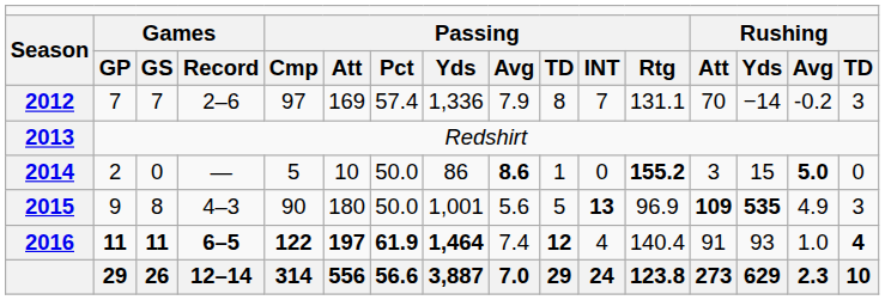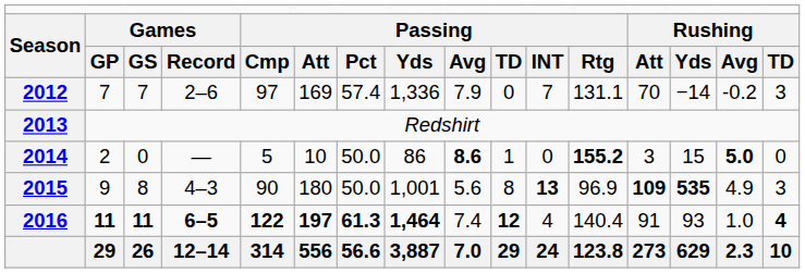 <table class=wikitable style="text-align:center;">
 <tr>
 <td ! colspan="16"></td>
 </tr>
 <tr>
 <th rowspan="2">Season</th>
 <th colspan="3">Games</th>
 <th colspan="8">Passing</th>
 <th colspan="4">Rushing</th>
 </tr>
 <tr>
 <th>GP</th>
 <th>GS</th>
 <th>Record</th>
 <th>Cmp</th>
 <th>Att</th>
 <th>Pct</th>
 <th>Yds</th>
 <th>Avg</th>
 <th>TD</th>
 <th>INT</th>
 <th>Rtg</th>
 <th>Att</th>
 <th>Yds</th>
 <th>Avg</th>
 <th>TD</th>
 </tr>
 <tr>
 <th><a href='#'>2012</a></th>
 <td>7</td>
 <td>7</td>
 <td>2–6</td>
 <td>97</td>
 <td>169</td>
 <td>57.4</td>
 <td>1,336</td>
 <td>7.9</td>
-<td>8</td>
+<td>0</td>
 <td>7</td>
 <td>131.1</td>
 <td>70</td>
 <td>−14</td>
 <td>-0.2</td>
 <td>3</td>
 </tr>
 <tr>
 <th><a href='#'>2013</a></th>
 <td colspan="15"><em>Redshirt </em></td>
 </tr>
 <tr>
 <th><a href='#'>2014</a></th>
 <td>2</td>
 <td>0</td>
 <td>—</td>
 <td>5</td>
 <td>10</td>
 <td>50.0</td>
 <td>86</td>
 <td><strong>8.6</strong></td>
 <td>1</td>
 <td>0</td>
 <td><strong>155.2</strong></td>
 <td>3</td>
 <td>15</td>
 <td><strong>5.0</strong></td>
 <td>0</td>
 </tr>
 <tr>
 <th><a href='#'>2015</a></th>
 <td>9</td>
 <td>8</td>
 <td>4–3</td>
 <td>90</td>
 <td>180</td>
 <td>50.0</td>
 <td>1,001</td>
 <td>5.6</td>
-<td>5</td>
+<td>8</td>
 <td><strong>13</strong></td>
 <td>96.9</td>
 <td><strong>109</strong></td>
 <td><strong>535</strong></td>
 <td>4.9</td>
 <td>3</td>
 </tr>
 <tr>
 <th><a href='#'>2016</a></th>
 <td><strong>11</strong></td>
 <td><strong>11</strong></td>
 <td><strong>6–5</strong></td>
 <td><strong>122</strong></td>
 <td><strong>197</strong></td>
-<td><strong>61.9</strong></td>
+<td><strong>61.3</strong></td>
 <td><strong>1,464</strong></td>
 <td>7.4</td>
 <td><strong>12</strong></td>
 <td>4</td>
 <td>140.4</td>
 <td>91</td>
 <td>93</td>
 <td>1.0</td>
 <td><strong>4</strong></td>
 </tr>
 <tr>
 <th></th>
 <th>29</th>
 <th>26</th>
 <th>12–14</th>
 <th>314</th>
 <th>556</th>
 <th>56.6</th>
 <th>3,887</th>
 <th>7.0</th>
 <th>29</th>
 <th>24</th>
 <th>123.8</th>
 <th>273</th>
 <th>629</th>
 <th>2.3</th>
 <th>10</th>
 </tr>
 </table>
